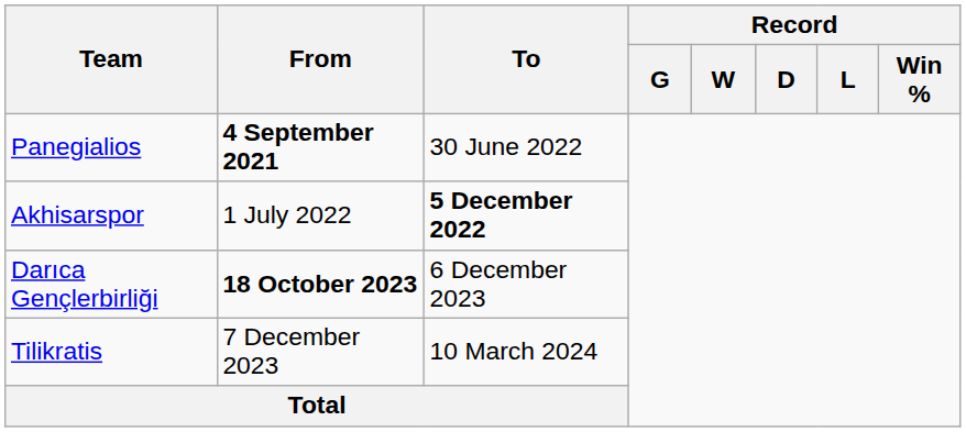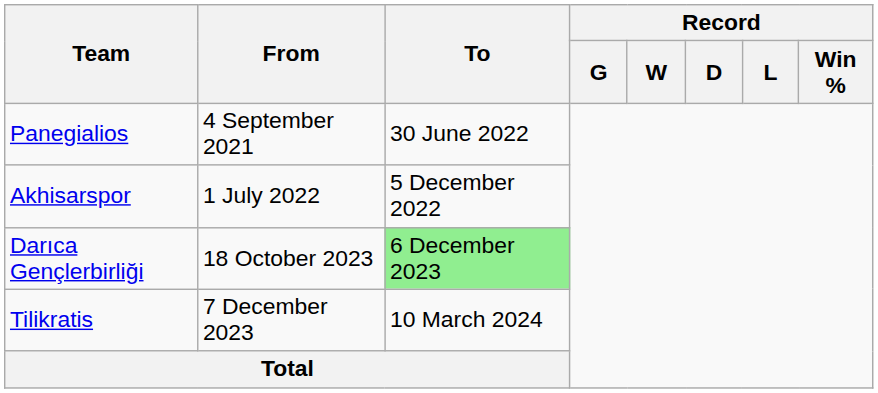 <table class="wikitable" style="text-align: center">
 <tr>
 <th rowspan=2 width=140>Team</th>
 <th rowspan=2 width=140>From</th>
 <th rowspan=2 width=140>To</th>
 <th colspan=8>Record</th>
 </tr>
 <tr>
 <th width=40>G</th>
 <th width=40>W</th>
 <th width=40>D</th>
 <th width=40>L</th>
 <th width=50>Win %</th>
 </tr>
 <tr>
 <td align="left"><a href='#'>Panegialios</a></td>
-<td align=left><strong>4 September 2021</strong></td>
+<td align=left>4 September 2021</td>
 <td align=left>30 June 2022<br></td>
 </tr>
 <tr>
 <td align="left"><a href='#'>Akhisarspor</a></td>
 <td align=left>1 July 2022</td>
-<td align=left><strong>5 December 2022<br></strong></td>
+<td align=left>5 December 2022<br></td>
 </tr>
 <tr>
 <td align="left"><a href='#'>Darıca Gençlerbirliği</a></td>
-<td align=left><strong>18 October 2023</strong></td>
-<td align=left>6 December 2023<br></td>
+<td align=left>18 October 2023</td>
+<td align=left style="background: lightgreen;">6 December 2023<br></td>
 </tr>
 <tr>
 <td align="left"><a href='#'>Tilikratis</a></td>
 <td align=left>7 December 2023</td>
 <td align=left>10 March 2024<br></td>
 </tr>
 <tr>
 <th colspan=3>Total<br></th>
 </tr>
 </table>
